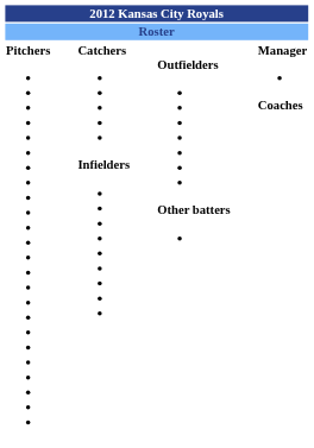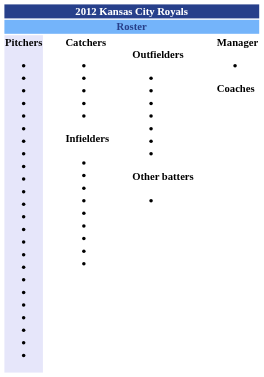 <table class="toccolours" style="font-size: 95%;">
 <tr>
 <th colspan="10" style="background-color: #27408B; color: #FFFFFF; text-align: center;">2012 Kansas City Royals</th>
 </tr>
 <tr>
 <td colspan="10" style="background-color: #74B4FA; color: #27408B; text-align: center;"><strong>Roster</strong></td>
 </tr>
 <tr>
-<td valign="top"><strong>Pitchers</strong><br><ul><li></li><li></li><li></li><li></li><li></li><li></li><li></li><li></li><li></li><li></li><li></li><li></li><li></li><li></li><li></li><li></li><li></li><li></li><li></li><li></li><li></li><li></li><li></li><li></li></ul></td>
+<td valign="top" style="background: lavender;"><strong>Pitchers</strong><br><ul><li></li><li></li><li></li><li></li><li></li><li></li><li></li><li></li><li></li><li></li><li></li><li></li><li></li><li></li><li></li><li></li><li></li><li></li><li></li><li></li><li></li><li></li><li></li><li></li></ul></td>
 <td width="25px"></td>
 <td valign="top"><strong>Catchers</strong><br><ul><li></li><li></li><li></li><li></li><li></li></ul><strong>Infielders</strong><ul><li></li><li></li><li></li><li></li><li></li><li></li><li></li><li></li><li></li></ul></td>
 <td width="25px"></td>
 <td valign="top"><br><strong>Outfielders</strong><ul><li></li><li></li><li></li><li></li><li></li><li></li><li></li></ul><strong>Other batters</strong><ul><li></li></ul></td>
 <td width="25px"></td>
 <td valign="top"><strong>Manager</strong><br><ul><li></li></ul><strong>Coaches</strong>                </td>
 </tr>
 </table>
